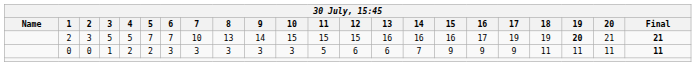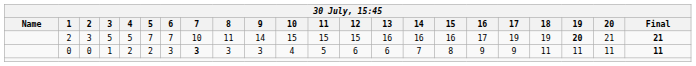 <table class=wikitable style="text-align:center; width: 55%">
 <tr>
 <th colspan=22><em>30 July, 15:45</em></th>
 </tr>
 <tr>
 <th>Name</th>
 <th>1</th>
 <th>2</th>
 <th>3</th>
 <th>4</th>
 <th>5</th>
 <th>6</th>
 <th>7</th>
 <th>8</th>
 <th>9</th>
 <th>10</th>
 <th>11</th>
 <th>12</th>
 <th>13</th>
 <th>14</th>
 <th>15</th>
 <th>16</th>
 <th>17</th>
 <th>18</th>
 <th>19</th>
 <th>20</th>
 <th>Final</th>
 </tr>
 <tr>
 <td align=left><strong></strong></td>
 <td>2</td>
 <td>3</td>
 <td>5</td>
 <td>5</td>
 <td>7</td>
 <td>7</td>
 <td>10</td>
-<td>13</td>
+<td>11</td>
 <td>14</td>
 <td>15</td>
 <td>15</td>
 <td>15</td>
 <td>16</td>
 <td>16</td>
 <td>16</td>
 <td>17</td>
 <td>19</td>
 <td>19</td>
 <td><strong>20</strong></td>
 <td>21</td>
 <td><strong>21</strong></td>
 </tr>
 <tr>
 <td align=left></td>
 <td>0</td>
 <td>0</td>
 <td>1</td>
 <td>2</td>
 <td>2</td>
 <td>3</td>
+<td><strong>3</strong></td>
 <td>3</td>
 <td>3</td>
-<td>3</td>
-<td>3</td>
+<td>4</td>
 <td>5</td>
 <td>6</td>
 <td>6</td>
 <td>7</td>
-<td>9</td>
+<td>8</td>
 <td>9</td>
 <td>9</td>
 <td>11</td>
 <td>11</td>
 <td>11</td>
 <td><strong>11</strong></td>
 </tr>
 <tr>
 <td colspan=22></td>
 </tr>
 </table>
